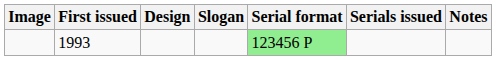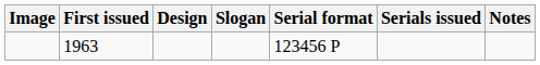 <table class="wikitable">
 <tr>
 <th>Image</th>
 <th>First issued</th>
 <th>Design</th>
 <th>Slogan</th>
 <th>Serial format</th>
 <th>Serials issued</th>
 <th>Notes</th>
 </tr>
 <tr>
 <td></td>
-<td>1993</td>
+<td>1963</td>
 <td></td>
 <td></td>
-<td style="background: lightgreen;">123456 P</td>
+<td>123456 P</td>
 <td></td>
 <td></td>
 </tr>
 <tr>
 </tr>
 </table>
